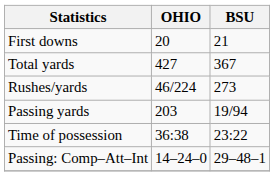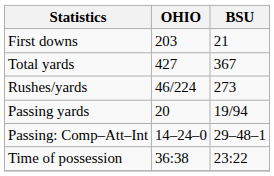 <table class="wikitable" style="float: left;">
 <tr>
 <th>Statistics</th>
 <th>OHIO</th>
 <th>BSU</th>
 </tr>
 <tr>
 <td>First downs</td>
-<td>20</td>
+<td>203</td>
 <td>21</td>
 </tr>
 <tr>
 <td>Total yards</td>
 <td>427</td>
 <td>367</td>
 </tr>
 <tr>
 <td>Rushes/yards</td>
 <td>46/224</td>
 <td>273</td>
 </tr>
 <tr>
 <td>Passing yards</td>
-<td>203</td>
+<td>20</td>
 <td>19/94</td>
+</tr>
+<tr>
+<td>Passing: Comp–Att–Int</td>
+<td>14–24–0</td>
+<td>29–48–1</td>
 </tr>
 <tr>
 <td>Time of possession</td>
 <td>36:38</td>
 <td>23:22</td>
 </tr>
 <tr>
-<td>Passing: Comp–Att–Int</td>
-<td>14–24–0</td>
-<td>29–48–1</td>
-</tr>
-<tr>
 </tr>
 </table>
